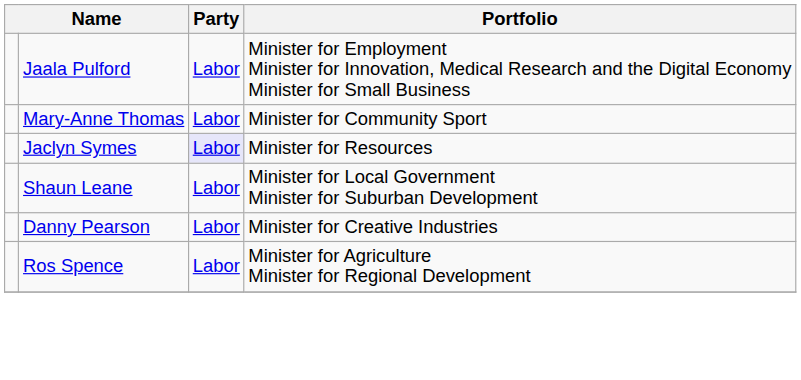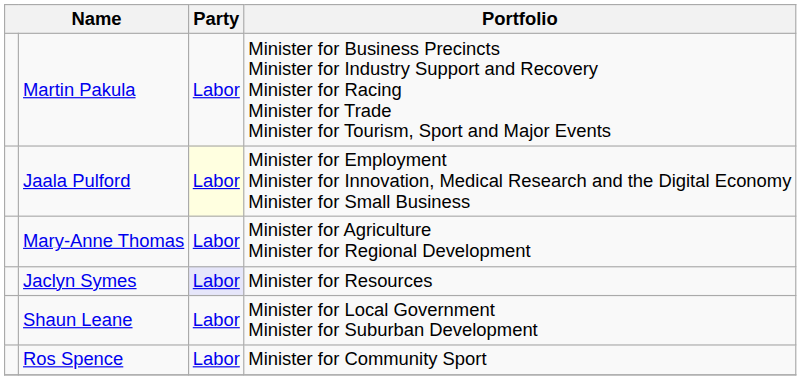 <table class="wikitable">
 <tr>
 <th colspan="2">Name</th>
 <th>Party</th>
 <th>Portfolio</th>
 </tr>
 <tr>
 <td width=5px style="color:inherit;background:"></td>
+<td><a href='#'>Martin Pakula</a></td>
+<td><a href='#'>Labor</a></td>
+<td>Minister for Business Precincts <br> Minister for Industry Support and Recovery <br> Minister for Racing <br> Minister for Trade <br> Minister for Tourism, Sport and Major Events</td>
+</tr>
+<tr>
+<td width=5px style="color:inherit;background:"></td>
 <td><a href='#'>Jaala Pulford</a></td>
-<td><a href='#'>Labor</a></td>
+<td style="background: lightyellow;"><a href='#'>Labor</a></td>
 <td>Minister for Employment <br> Minister for Innovation, Medical Research and the Digital Economy <br> Minister for Small Business</td>
 </tr>
 <tr>
 <td width=5px style="color:inherit;background:"></td>
 <td><a href='#'>Mary-Anne Thomas</a></td>
 <td><a href='#'>Labor</a></td>
-<td>Minister for Community Sport</td>
+<td>Minister for Agriculture <br> Minister for Regional Development</td>
 </tr>
 <tr>
 <td width=5px style="color:inherit;background:"></td>
 <td><a href='#'>Jaclyn Symes</a></td>
 <td style="background: lavender;"><a href='#'>Labor</a></td>
 <td>Minister for Resources</td>
 </tr>
 <tr>
 <td width=5px style="color:inherit;background:"></td>
 <td><a href='#'>Shaun Leane</a></td>
 <td><a href='#'>Labor</a></td>
 <td>Minister for Local Government <br> Minister for Suburban Development</td>
 </tr>
 <tr>
 <td width=5px style="color:inherit;background:"></td>
-<td><a href='#'>Danny Pearson</a></td>
-<td><a href='#'>Labor</a></td>
-<td>Minister for Creative Industries</td>
-</tr>
-<tr>
-<td width=5px style="color:inherit;background:"></td>
 <td><a href='#'>Ros Spence</a></td>
 <td><a href='#'>Labor</a></td>
-<td>Minister for Agriculture <br> Minister for Regional Development</td>
+<td>Minister for Community Sport</td>
 </tr>
 <tr>
 </tr>
 </table>
